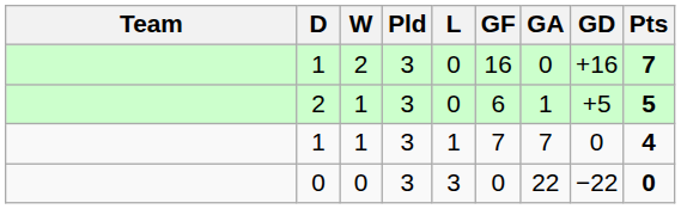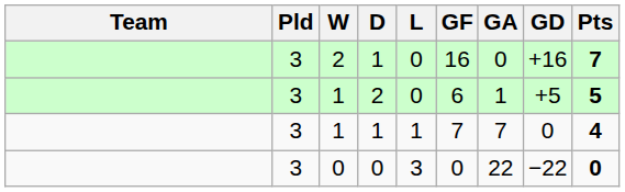 <table class="wikitable" style="text-align:center;">
 <tr>
 <th width=180>Team</th>
+<th width=20>Pld</th>
+<th width=20>W</th>
 <th width=20>D</th>
-<th width=20>W</th>
-<th width=20>Pld</th>
 <th width=20>L</th>
 <th width=20>GF</th>
 <th width=20>GA</th>
 <th width=20>GD</th>
 <th width=20>Pts</th>
 </tr>
 <tr bgcolor=ccffcc>
 <td align="left"></td>
+<td>3</td>
+<td>2</td>
 <td>1</td>
-<td>2</td>
-<td>3</td>
 <td>0</td>
 <td>16</td>
 <td>0</td>
 <td>+16</td>
 <td><strong>7</strong></td>
 </tr>
 <tr bgcolor=ccffcc>
 <td align="left"><em></em></td>
+<td>3</td>
+<td>1</td>
 <td>2</td>
-<td>1</td>
-<td>3</td>
 <td>0</td>
 <td>6</td>
 <td>1</td>
 <td>+5</td>
 <td><strong>5</strong></td>
 </tr>
 <tr>
 <td align="left"></td>
+<td>3</td>
 <td>1</td>
 <td>1</td>
-<td>3</td>
 <td>1</td>
 <td>7</td>
 <td>7</td>
 <td>0</td>
 <td><strong>4</strong></td>
 </tr>
 <tr>
 <td align="left"></td>
+<td>3</td>
 <td>0</td>
 <td>0</td>
-<td>3</td>
 <td>3</td>
 <td>0</td>
 <td>22</td>
 <td>−22</td>
 <td><strong>0</strong></td>
 </tr>
 </table>
